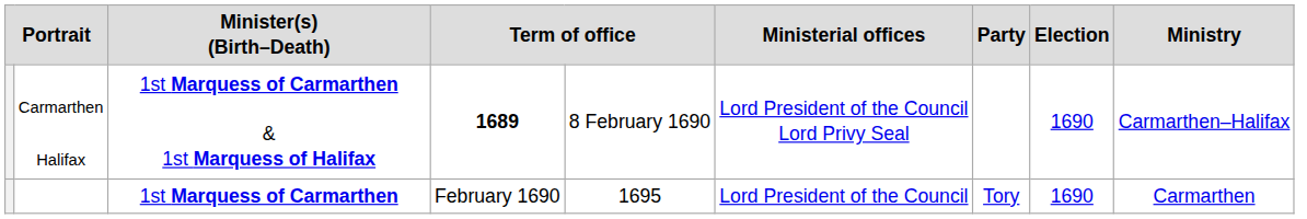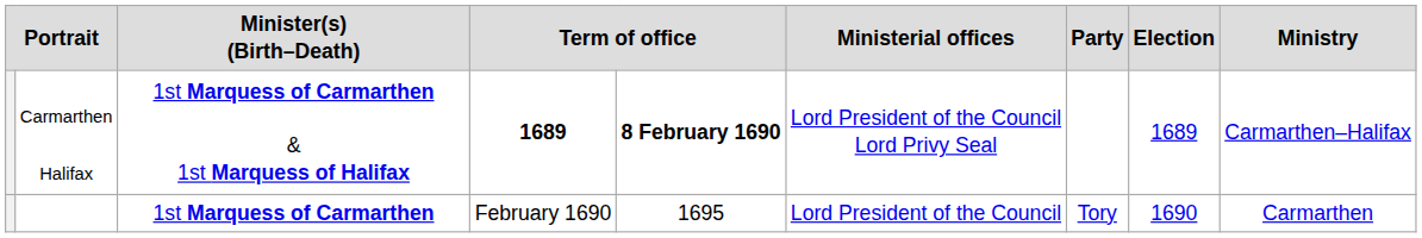 <table class="wikitable" style="background:white; text-align:center; font-size:95%; line-height:130%">
 <tr>
 <th style="background:#ddd" colspan=2>Portrait</th>
 <th style="background:#ddd" width=25%>Minister(s)<br>(Birth–Death)</th>
 <th style="background:#ddd" colspan=2>Term of office</th>
 <th style="background:#ddd">Ministerial offices</th>
 <th style="background:#ddd">Party</th>
 <th style="background:#ddd">Election</th>
 <th style="background:#ddd">Ministry</th>
 </tr>
 <tr>
 <th></th>
 <td><br><small>Carmarthen</small><br><br><small>Halifax</small></td>
 <td><a href='#'>1st <strong>Marquess of Carmarthen</strong></a><br><br>&<br><a href='#'>1st <strong>Marquess of Halifax</strong></a><br></td>
 <td><strong>1689</strong></td>
-<td>8 February 1690</td>
+<td><strong>8 February 1690</strong></td>
 <td><a href='#'>Lord President of the Council</a><br><a href='#'>Lord Privy Seal</a></td>
 <td></td>
-<td><a href='#'>1690</a></td>
+<td><a href='#'>1689</a></td>
 <td><a href='#'>Carmarthen–Halifax</a></td>
 </tr>
 <tr>
 <th rowspan=2 style="background-color: "></th>
 <td rowspan=2></td>
 <td rowspan=2><a href='#'>1st <strong>Marquess of Carmarthen</strong></a><br></td>
 <td rowspan=2>February 1690</td>
 <td rowspan=2>1695</td>
 <td rowspan=2><a href='#'>Lord President of the Council</a></td>
 <td rowspan=2 ><a href='#'>Tory</a></td>
 <td><a href='#'>1690</a></td>
 <td rowspan=2 ><a href='#'>Carmarthen</a></td>
 </tr>
 </table>
